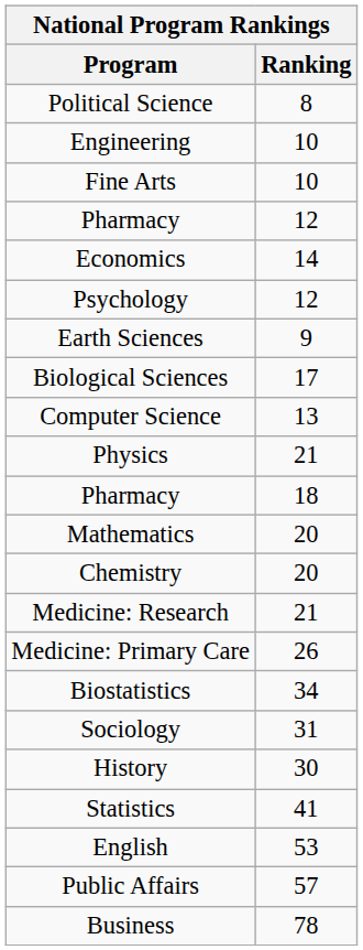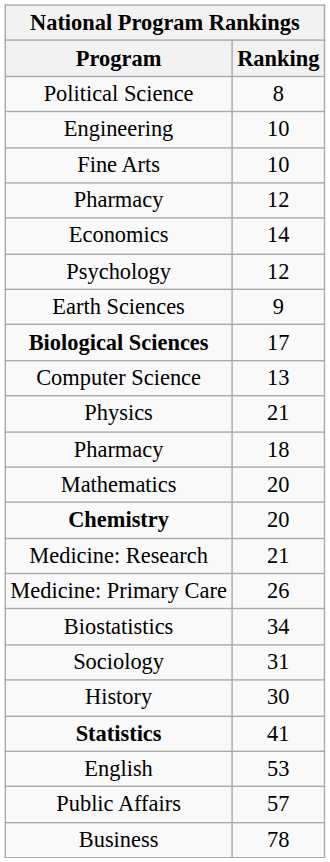 <table class="wikitable sortable collapsible collapsed" style="float:right; text-align:center">
 <tr>
 <th colspan=4>National Program Rankings</th>
 </tr>
 <tr>
 <th>Program</th>
 <th>Ranking</th>
 </tr>
 <tr>
 <td>Political Science</td>
 <td>8</td>
 </tr>
 <tr>
 <td>Engineering</td>
 <td>10</td>
 </tr>
 <tr>
 <td>Fine Arts</td>
 <td>10</td>
 </tr>
 <tr>
 <td>Pharmacy</td>
 <td>12</td>
 </tr>
 <tr>
 <td>Economics</td>
 <td>14</td>
 </tr>
 <tr>
 <td>Psychology</td>
 <td>12</td>
 </tr>
 <tr>
 <td>Earth Sciences</td>
 <td>9</td>
 </tr>
 <tr>
-<td>Biological Sciences</td>
+<td><strong>Biological Sciences</strong></td>
 <td>17</td>
 </tr>
 <tr>
 <td>Computer Science</td>
 <td>13</td>
 </tr>
 <tr>
 <td>Physics</td>
 <td>21</td>
 </tr>
 <tr>
 <td>Pharmacy</td>
 <td>18</td>
 </tr>
 <tr>
 <td>Mathematics</td>
 <td>20</td>
 </tr>
 <tr>
-<td>Chemistry</td>
+<td><strong>Chemistry</strong></td>
 <td>20</td>
 </tr>
 <tr>
 <td>Medicine: Research</td>
 <td>21</td>
 </tr>
 <tr>
 <td>Medicine: Primary Care</td>
 <td>26</td>
 </tr>
 <tr>
 <td>Biostatistics</td>
 <td>34</td>
 </tr>
 <tr>
 <td>Sociology</td>
 <td>31</td>
 </tr>
 <tr>
 <td>History</td>
 <td>30</td>
 </tr>
 <tr>
-<td>Statistics</td>
+<td><strong>Statistics</strong></td>
 <td>41</td>
 </tr>
 <tr>
 <td>English</td>
 <td>53</td>
 </tr>
 <tr>
 <td>Public Affairs</td>
 <td>57</td>
 </tr>
 <tr>
 <td>Business</td>
 <td>78</td>
 </tr>
 </table>
